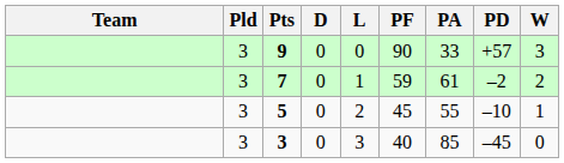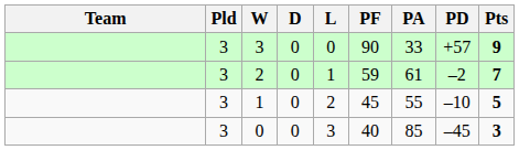 <table class="wikitable" style="text-align:center;">
 <tr>
 <th width=175>Team</th>
 <th width=25 abbr="Played">Pld</th>
-<th width=25 abbr="Points">Pts</th>
+<th width=25 abbr="Won">W</th>
 <th width=25 abbr="Drawn">D</th>
 <th width=25 abbr="Lost">L</th>
 <th width=32 abbr="Points for">PF</th>
 <th width=32 abbr="Points against">PA</th>
 <th width=32 abbr="Points difference">PD</th>
-<th width=25 abbr="Won">W</th>
+<th width=25 abbr="Points">Pts</th>
 </tr>
 <tr bgcolor=ccffcc>
 <td align=left></td>
 <td>3</td>
-<td><strong>9</strong></td>
+<td>3</td>
 <td>0</td>
 <td>0</td>
 <td>90</td>
 <td>33</td>
 <td>+57</td>
-<td>3</td>
+<td><strong>9</strong></td>
 </tr>
 <tr bgcolor=ccffcc>
 <td align=left></td>
 <td>3</td>
-<td><strong>7</strong></td>
+<td>2</td>
 <td>0</td>
 <td>1</td>
 <td>59</td>
 <td>61</td>
 <td>–2</td>
-<td>2</td>
+<td><strong>7</strong></td>
 </tr>
 <tr>
 <td align=left></td>
 <td>3</td>
-<td><strong>5</strong></td>
+<td>1</td>
 <td>0</td>
 <td>2</td>
 <td>45</td>
 <td>55</td>
 <td>–10</td>
-<td>1</td>
+<td><strong>5</strong></td>
 </tr>
 <tr>
 <td align=left></td>
 <td>3</td>
-<td><strong>3</strong></td>
+<td>0</td>
 <td>0</td>
 <td>3</td>
 <td>40</td>
 <td>85</td>
 <td>–45</td>
-<td>0</td>
+<td><strong>3</strong></td>
 </tr>
 </table>
